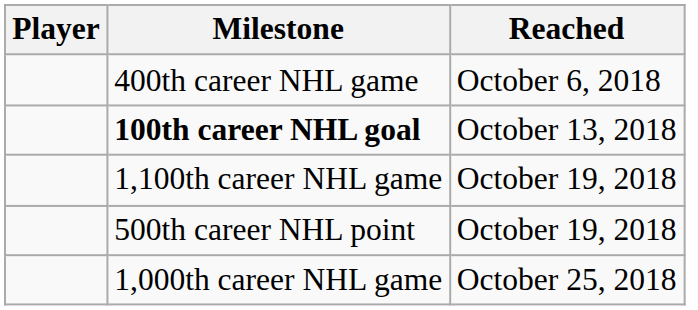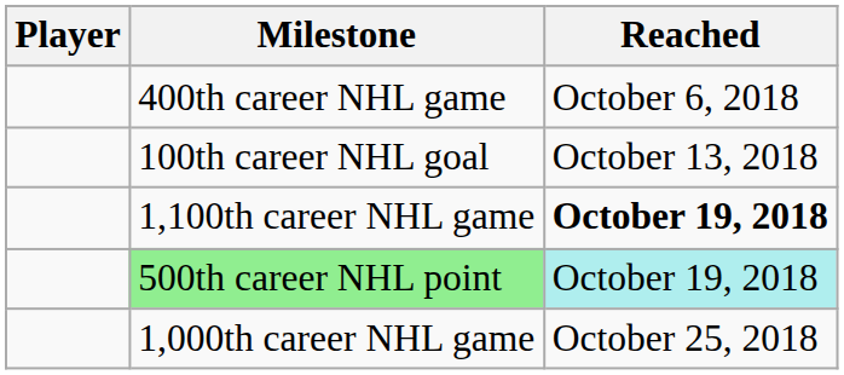 <table class="wikitable sortable">
 <tr align=center>
 <th>Player</th>
 <th>Milestone</th>
 <th data-sort-type="date">Reached</th>
 </tr>
 <tr>
 <td></td>
 <td>400th career NHL game</td>
 <td>October 6, 2018</td>
 </tr>
 <tr>
 <td></td>
-<td><strong>100th career NHL goal</strong></td>
+<td>100th career NHL goal</td>
 <td>October 13, 2018</td>
 </tr>
 <tr>
 <td></td>
 <td>1,100th career NHL game</td>
-<td>October 19, 2018</td>
+<td><strong>October 19, 2018</strong></td>
 </tr>
 <tr>
 <td></td>
-<td>500th career NHL point</td>
-<td>October 19, 2018</td>
+<td style="background: lightgreen;">500th career NHL point</td>
+<td style="background: paleturquoise;">October 19, 2018</td>
 </tr>
 <tr>
 <td></td>
 <td>1,000th career NHL game</td>
 <td>October 25, 2018</td>
 </tr>
 </table>
